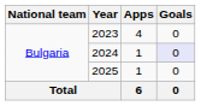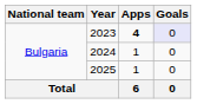 <table class="wikitable" style="text-align:center">
 <tr>
 <th>National team</th>
 <th>Year</th>
 <th>Apps</th>
 <th>Goals</th>
 </tr>
 <tr>
 <td rowspan="3"><a href='#'>Bulgaria</a></td>
 <td>2023</td>
-<td>4</td>
-<td>0</td>
+<td><strong>4</strong></td>
+<td style="background: lavender;">0</td>
 </tr>
 <tr>
 <td>2024</td>
 <td>1</td>
-<td style="background: lavender;">0</td>
+<td>0</td>
 </tr>
 <tr>
 <td>2025</td>
 <td>1</td>
 <td>0</td>
 </tr>
 <tr>
 <th colspan="2">Total</th>
 <th>6</th>
 <th>0</th>
 </tr>
 </table>
